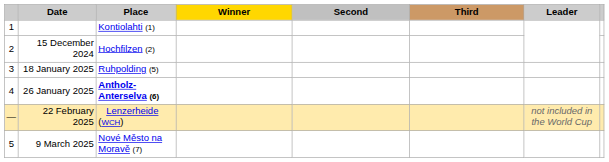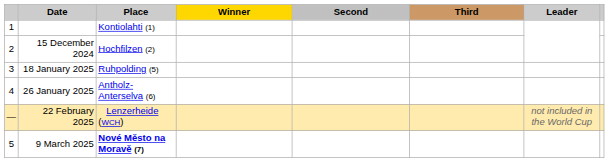 <table class="wikitable plainrowheaders" style="background:#fff; font-size:86%; line-height:16px; border:grey solid 1px; border-collapse:collapse;">
 <tr>
 <th scope="col" style="background:#ccc; width=20 px;"></th>
 <th scope="col" style="background:#ccc; width:120px;">Date</th>
 <th scope="col" style="background:#ccc; width:120px;">Place <br> </th>
 <th scope="col" style="background:gold; width:200px;">Winner</th>
 <th scope="col" style="background:silver; width:200px;">Second</th>
 <th scope="col" style="background:#c96; width:200px;">Third</th>
 <th scope="col" style="background:#ccc; width:120px;">Leader <br> </th>
 <th scope="col" style="background:#ccc; width=20 px;"></th>
 </tr>
 <tr>
 <td align="center">1</td>
 <td align="right"></td>
 <td> <a href='#'>Kontiolahti</a> <small>(1)</small></td>
 <td></td>
 <td></td>
 <td></td>
 <td rowspan=2></td>
 <td></td>
 </tr>
 <tr>
 <td align="center">2</td>
 <td align="right">15 December 2024</td>
 <td> <a href='#'>Hochfilzen</a> <small>(2)</small></td>
 <td></td>
 <td></td>
 <td></td>
 <td></td>
 </tr>
 <tr>
 <td align="center">3</td>
 <td align="right">18 January 2025</td>
 <td> <a href='#'>Ruhpolding</a> <small>(5)</small></td>
 <td></td>
 <td></td>
 <td></td>
 <td></td>
 <td></td>
 </tr>
 <tr>
 <td align="center">4</td>
 <td align="right">26 January 2025</td>
-<td><strong> <a href='#'>Antholz-Anterselva</a> <small>(6)</small></strong></td>
+<td> <a href='#'>Antholz-Anterselva</a> <small>(6)</small></td>
 <td></td>
 <td></td>
 <td></td>
 <td></td>
 <td></td>
 </tr>
 <tr style="background:#FFEBAD">
 <td align="center">—</td>
 <td align="right">22 February 2025</td>
 <td>   <a href='#'>Lenzerheide</a> (<small><a href='#'>WCH</a></small>)</td>
 <td> </td>
 <td> </td>
 <td> </td>
 <td align="center" style=color:#696969><em>not included in the World Cup</em></td>
 <td></td>
 </tr>
 <tr>
 <td align="center">5</td>
 <td align="right">9 March 2025</td>
-<td> <a href='#'>Nové Město na Moravě</a> <small>(7)</small></td>
+<td><strong> <a href='#'>Nové Město na Moravě</a> <small>(7)</small></strong></td>
 <td></td>
 <td></td>
 <td></td>
 <td></td>
 <td></td>
 </tr>
 </table>
